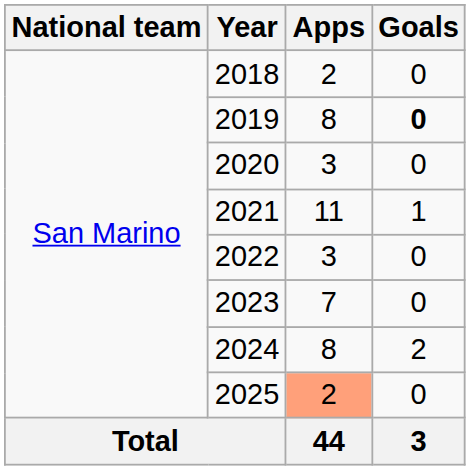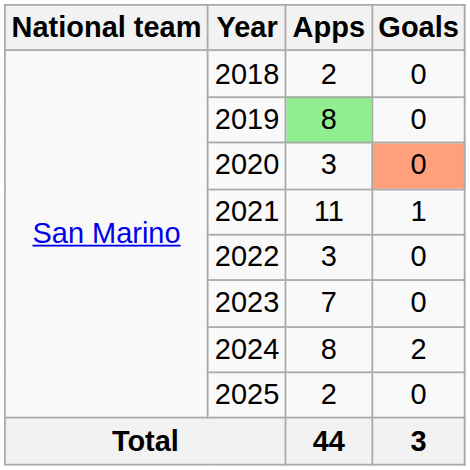 <table class="wikitable" style="text-align: center;">
 <tr>
 <th>National team</th>
 <th>Year</th>
 <th>Apps</th>
 <th>Goals</th>
 </tr>
 <tr>
 <td rowspan="8"><a href='#'>San Marino</a></td>
 <td>2018</td>
 <td>2</td>
 <td>0</td>
 </tr>
 <tr>
 <td>2019</td>
-<td>8</td>
-<td><strong>0</strong></td>
+<td style="background: lightgreen;">8</td>
+<td>0</td>
 </tr>
 <tr>
 <td>2020</td>
 <td>3</td>
-<td>0</td>
+<td style="background: lightsalmon;">0</td>
 </tr>
 <tr>
 <td>2021</td>
 <td>11</td>
 <td>1</td>
 </tr>
 <tr>
 <td>2022</td>
 <td>3</td>
 <td>0</td>
 </tr>
 <tr>
 <td>2023</td>
 <td>7</td>
 <td>0</td>
 </tr>
 <tr>
 <td>2024</td>
 <td>8</td>
 <td>2</td>
 </tr>
 <tr>
 <td>2025</td>
-<td style="background: lightsalmon;">2</td>
+<td>2</td>
 <td>0</td>
 </tr>
 <tr>
 <th colspan="2">Total</th>
 <th>44</th>
 <th>3</th>
 </tr>
 </table>
